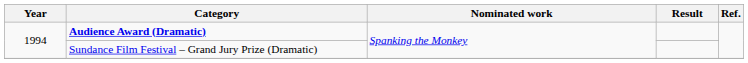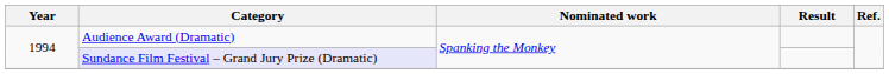 <table class=wikitable>
 <tr>
 <th scope="col" style="width:5em;">Year</th>
 <th scope="col" style="width:26em;">Category</th>
 <th scope="col" style="width:25em;">Nominated work</th>
 <th scope="col" style="width:5em;">Result</th>
 <th>Ref.</th>
 </tr>
 <tr>
 <td style="text-align:center;", rowspan=2>1994</td>
-<td><strong><a href='#'>Audience Award (Dramatic)</a></strong></td>
+<td><a href='#'>Audience Award (Dramatic)</a></td>
 <td rowspan=2><em><a href='#'>Spanking the Monkey</a></em></td>
 <td></td>
 <td rowspan=2></td>
 </tr>
 <tr>
-<td><a href='#'>Sundance Film Festival</a> – Grand Jury Prize (Dramatic)</td>
+<td style="background: lavender;"><a href='#'>Sundance Film Festival</a> – Grand Jury Prize (Dramatic)</td>
 <td></td>
 </tr>
 <tr>
 </tr>
 </table>
